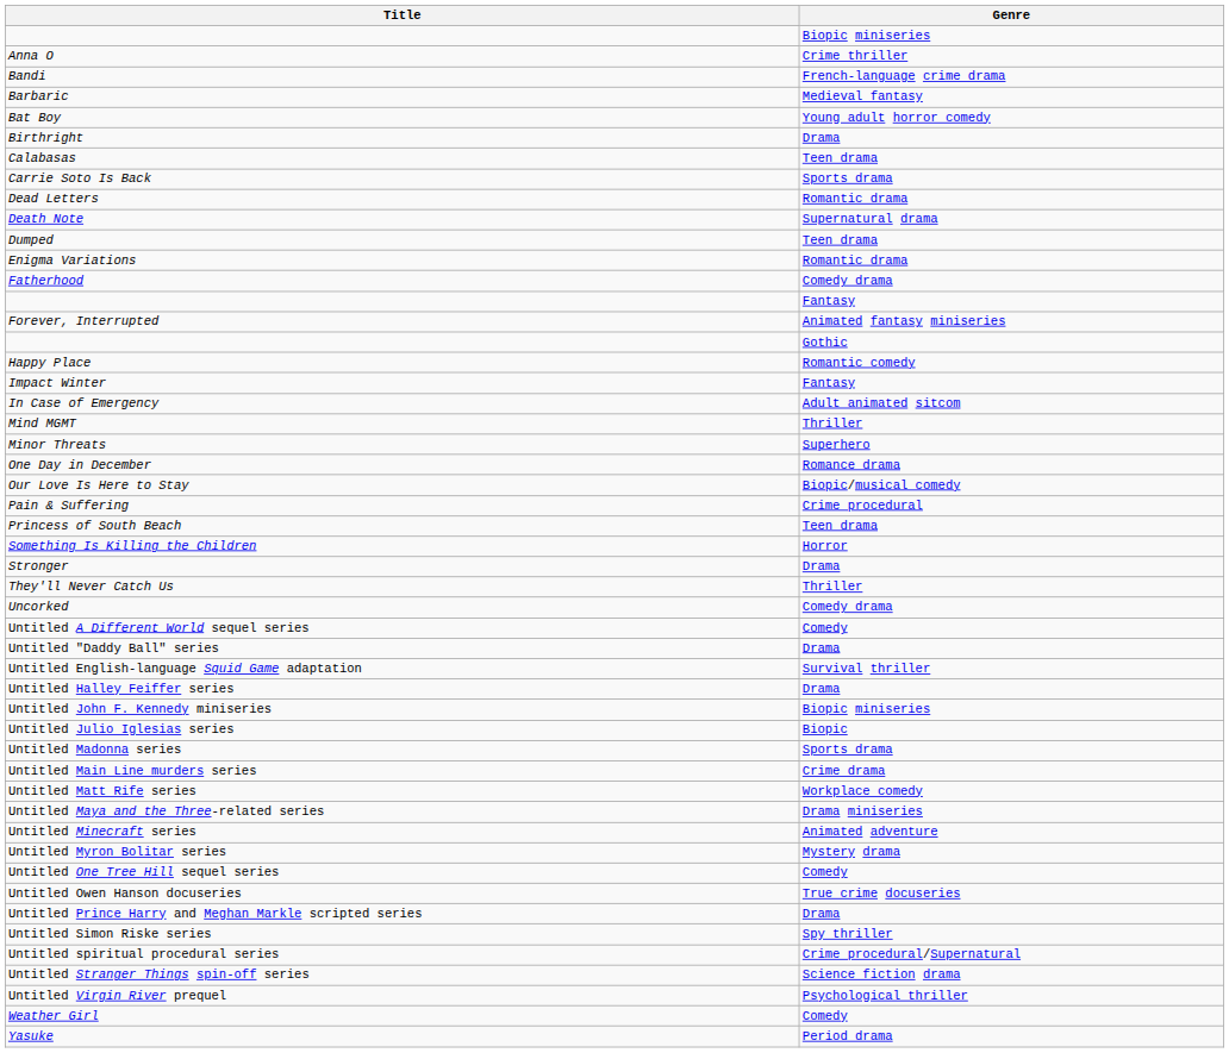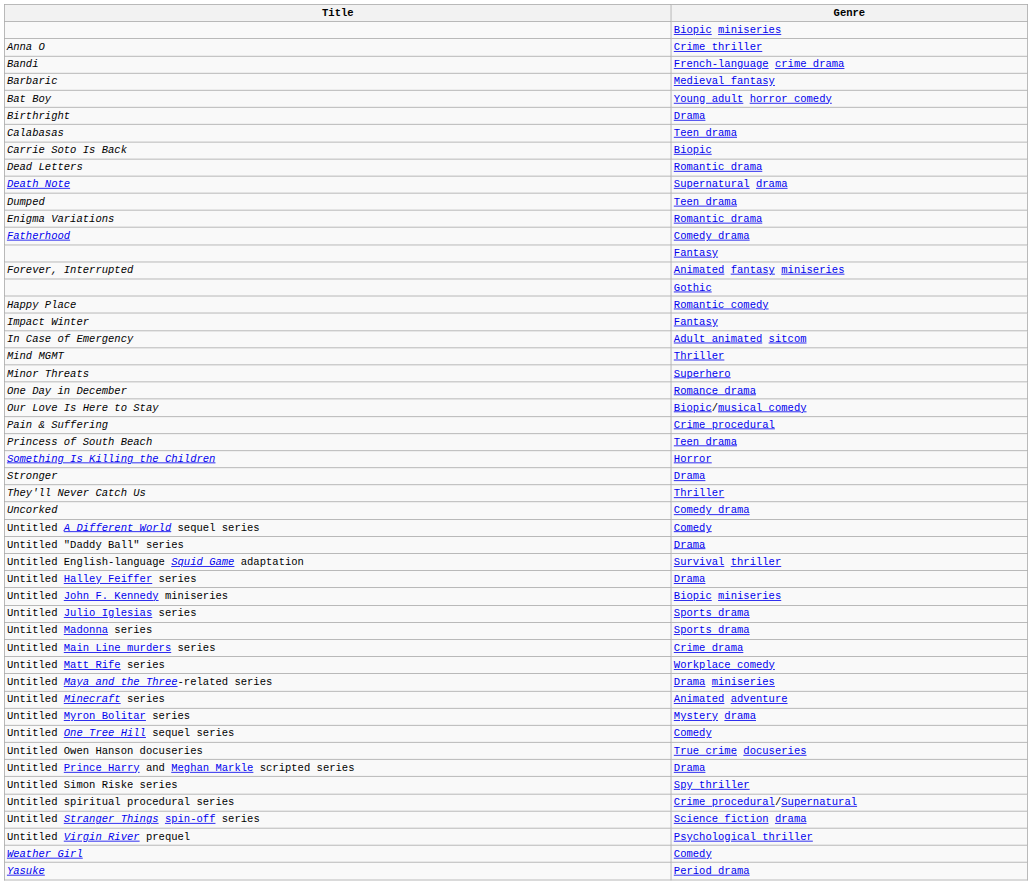 <table class="wikitable sortable" style="width:100%;">
 <tr>
 <th>Title</th>
 <th>Genre</th>
 </tr>
 <tr>
 <td><em></em></td>
 <td><a href='#'>Biopic</a> <a href='#'>miniseries</a></td>
 </tr>
 <tr>
 <td><em>Anna O</em></td>
 <td><a href='#'>Crime thriller</a></td>
 </tr>
 <tr>
 <td><em>Bandi</em></td>
 <td><a href='#'>French-language</a> <a href='#'>crime drama</a></td>
 </tr>
 <tr>
 <td><em>Barbaric</em></td>
 <td><a href='#'>Medieval fantasy</a></td>
 </tr>
 <tr>
 <td><em>Bat Boy</em></td>
 <td><a href='#'>Young adult</a> <a href='#'>horror comedy</a></td>
 </tr>
 <tr>
 <td><em>Birthright</em></td>
 <td><a href='#'>Drama</a></td>
 </tr>
 <tr>
 <td><em>Calabasas</em></td>
 <td><a href='#'>Teen drama</a></td>
 </tr>
 <tr>
 <td><em>Carrie Soto Is Back</em></td>
-<td><a href='#'>Sports drama</a></td>
+<td><a href='#'>Biopic</a></td>
 </tr>
 <tr>
 <td><em>Dead Letters</em></td>
 <td><a href='#'>Romantic drama</a></td>
 </tr>
 <tr>
 <td><em><a href='#'>Death Note</a></em></td>
 <td><a href='#'>Supernatural</a> <a href='#'>drama</a></td>
 </tr>
 <tr>
 <td><em>Dumped</em></td>
 <td><a href='#'>Teen drama</a></td>
 </tr>
 <tr>
 <td><em>Enigma Variations</em></td>
 <td><a href='#'>Romantic drama</a></td>
 </tr>
 <tr>
 <td><em><a href='#'>Fatherhood</a></em></td>
 <td><a href='#'>Comedy drama</a></td>
 </tr>
 <tr>
 <td><em></em></td>
 <td><a href='#'>Fantasy</a></td>
 </tr>
 <tr>
 <td><em>Forever, Interrupted</em></td>
 <td><a href='#'>Animated</a> <a href='#'>fantasy</a> <a href='#'>miniseries</a></td>
 </tr>
 <tr>
 <td><em></em></td>
 <td><a href='#'>Gothic</a></td>
 </tr>
 <tr>
 <td><em>Happy Place</em></td>
 <td><a href='#'>Romantic comedy</a></td>
 </tr>
 <tr>
 <td><em>Impact Winter</em></td>
 <td><a href='#'>Fantasy</a></td>
 </tr>
 <tr>
 <td><em>In Case of Emergency</em></td>
 <td><a href='#'>Adult animated</a> <a href='#'>sitcom</a></td>
 </tr>
 <tr>
 <td><em>Mind MGMT</em></td>
 <td><a href='#'>Thriller</a></td>
 </tr>
 <tr>
 <td><em>Minor Threats</em></td>
 <td><a href='#'>Superhero</a></td>
 </tr>
 <tr>
 <td><em>One Day in December</em></td>
 <td><a href='#'>Romance drama</a></td>
 </tr>
 <tr>
 <td><em>Our Love Is Here to Stay</em></td>
 <td><a href='#'>Biopic</a>/<a href='#'>musical comedy</a></td>
 </tr>
 <tr>
 <td><em>Pain & Suffering</em></td>
 <td><a href='#'>Crime procedural</a></td>
 </tr>
 <tr>
 <td><em>Princess of South Beach</em></td>
 <td><a href='#'>Teen drama</a></td>
 </tr>
 <tr>
 <td><em><a href='#'>Something Is Killing the Children</a></em></td>
 <td><a href='#'>Horror</a></td>
 </tr>
 <tr>
 <td><em>Stronger</em></td>
 <td><a href='#'>Drama</a></td>
 </tr>
 <tr>
 <td><em>They'll Never Catch Us</em></td>
 <td><a href='#'>Thriller</a></td>
 </tr>
 <tr>
 <td><em>Uncorked</em></td>
 <td><a href='#'>Comedy drama</a></td>
 </tr>
 <tr>
 <td>Untitled <em><a href='#'>A Different World</a></em> sequel series</td>
 <td><a href='#'>Comedy</a></td>
 </tr>
 <tr>
 <td>Untitled "Daddy Ball" series</td>
 <td><a href='#'>Drama</a></td>
 </tr>
 <tr>
 <td>Untitled English-language <em><a href='#'>Squid Game</a></em> adaptation</td>
 <td><a href='#'>Survival</a> <a href='#'>thriller</a></td>
 </tr>
 <tr>
 <td>Untitled <a href='#'>Halley Feiffer</a> series</td>
 <td><a href='#'>Drama</a></td>
 </tr>
 <tr>
 <td>Untitled <a href='#'>John F. Kennedy</a> miniseries</td>
 <td><a href='#'>Biopic</a> <a href='#'>miniseries</a></td>
 </tr>
 <tr>
 <td>Untitled <a href='#'>Julio Iglesias</a> series</td>
-<td><a href='#'>Biopic</a></td>
+<td><a href='#'>Sports drama</a></td>
 </tr>
 <tr>
 <td>Untitled <a href='#'>Madonna</a> series</td>
 <td><a href='#'>Sports drama</a></td>
 </tr>
 <tr>
 <td>Untitled <a href='#'>Main Line murders</a> series</td>
 <td><a href='#'>Crime drama</a></td>
 </tr>
 <tr>
 <td>Untitled <a href='#'>Matt Rife</a> series</td>
 <td><a href='#'>Workplace comedy</a></td>
 </tr>
 <tr>
 <td>Untitled <em><a href='#'>Maya and the Three</a></em>-related series</td>
 <td><a href='#'>Drama</a> <a href='#'>miniseries</a></td>
 </tr>
 <tr>
 <td>Untitled <em><a href='#'>Minecraft</a></em> series</td>
 <td><a href='#'>Animated</a> <a href='#'>adventure</a></td>
 </tr>
 <tr>
 <td>Untitled <a href='#'>Myron Bolitar</a> series</td>
 <td><a href='#'>Mystery</a> <a href='#'>drama</a></td>
 </tr>
 <tr>
 <td>Untitled <em><a href='#'>One Tree Hill</a></em> sequel series</td>
 <td><a href='#'>Comedy</a></td>
 </tr>
 <tr>
 <td>Untitled Owen Hanson docuseries</td>
 <td><a href='#'>True crime</a> <a href='#'>docuseries</a></td>
 </tr>
 <tr>
 <td>Untitled <a href='#'>Prince Harry</a> and <a href='#'>Meghan Markle</a> scripted series</td>
 <td><a href='#'>Drama</a></td>
 </tr>
 <tr>
 <td>Untitled Simon Riske series</td>
 <td><a href='#'>Spy thriller</a></td>
 </tr>
 <tr>
 <td>Untitled spiritual procedural series</td>
 <td><a href='#'>Crime procedural</a>/<a href='#'>Supernatural</a></td>
 </tr>
 <tr>
 <td>Untitled <em><a href='#'>Stranger Things</a></em> <a href='#'>spin-off</a> series</td>
 <td><a href='#'>Science fiction</a> <a href='#'>drama</a></td>
 </tr>
 <tr>
 <td>Untitled <em><a href='#'>Virgin River</a></em> prequel</td>
 <td><a href='#'>Psychological thriller</a></td>
 </tr>
 <tr>
 <td><em><a href='#'>Weather Girl</a></em></td>
 <td><a href='#'>Comedy</a></td>
 </tr>
 <tr>
 <td><em><a href='#'>Yasuke</a></em></td>
 <td><a href='#'>Period drama</a></td>
 </tr>
 </table>
